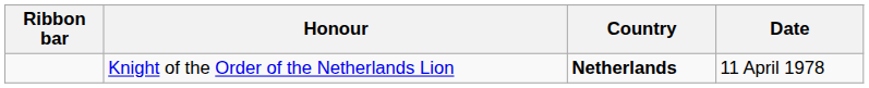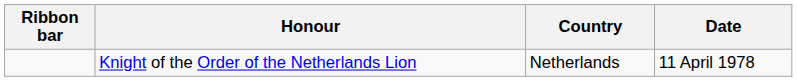 <table class="wikitable" style="width:60%;">
 <tr style="background:#ccf; text-align:center;">
 </tr>
 <tr>
 <th style="width:80px;">Ribbon bar</th>
 <th>Honour</th>
 <th>Country</th>
 <th>Date</th>
 </tr>
 <tr>
 <td></td>
 <td><a href='#'>Knight</a> of the <a href='#'>Order of the Netherlands Lion</a></td>
-<td><strong>Netherlands</strong></td>
+<td>Netherlands</td>
 <td>11 April 1978</td>
 </tr>
 </table>
